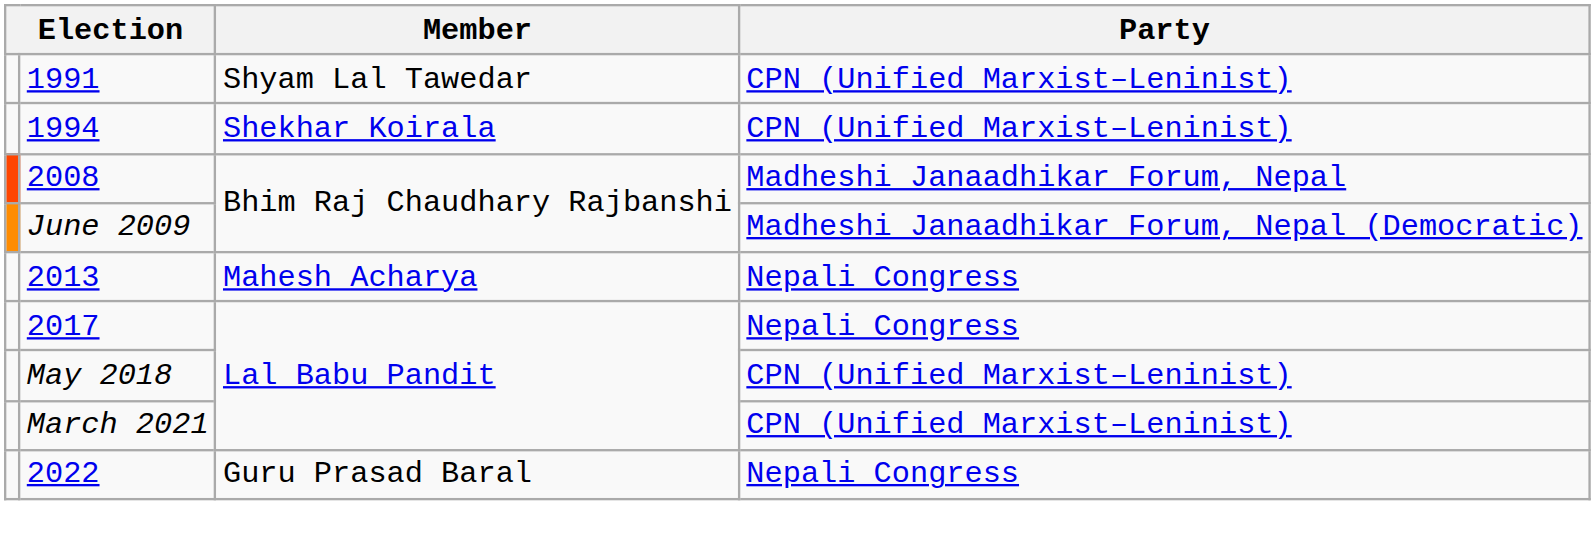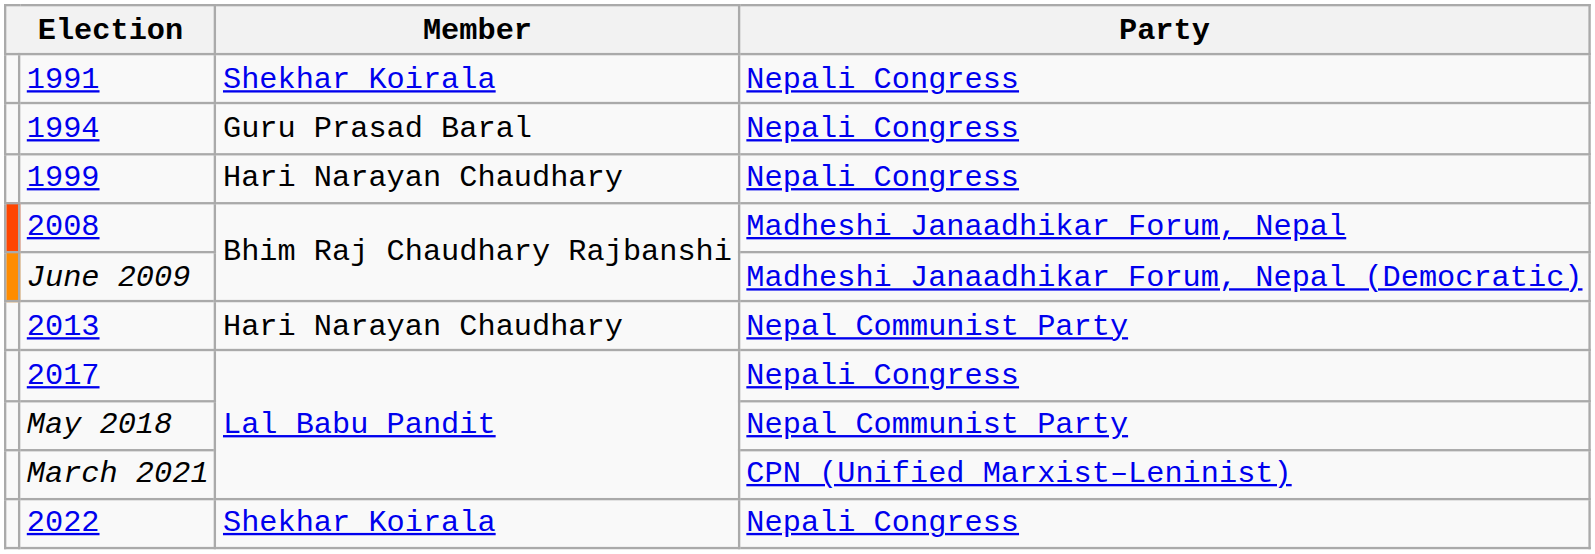 <table class="wikitable">
 <tr>
 <th colspan="2">Election</th>
 <th>Member</th>
 <th>Party</th>
 </tr>
 <tr>
 <td style="background-color:"></td>
 <td><a href='#'>1991</a></td>
-<td>Shyam Lal Tawedar</td>
-<td><a href='#'>CPN (Unified Marxist–Leninist)</a></td>
+<td><a href='#'>Shekhar Koirala</a></td>
+<td><a href='#'>Nepali Congress</a></td>
 </tr>
 <tr>
 <td style="background-color:"></td>
 <td><a href='#'>1994</a></td>
-<td><a href='#'>Shekhar Koirala</a></td>
-<td><a href='#'>CPN (Unified Marxist–Leninist)</a></td>
+<td>Guru Prasad Baral</td>
+<td><a href='#'>Nepali Congress</a></td>
+</tr>
+<tr>
+<td style="background-color:"></td>
+<td><a href='#'>1999</a></td>
+<td>Hari Narayan Chaudhary</td>
+<td><a href='#'>Nepali Congress</a></td>
 </tr>
 <tr>
 <td style="background-color:orangered"></td>
 <td><a href='#'>2008</a></td>
 <td rowspan="2">Bhim Raj Chaudhary Rajbanshi</td>
 <td><a href='#'>Madheshi Janaadhikar Forum, Nepal</a></td>
 </tr>
 <tr>
 <td style="background-color:darkorange"></td>
 <td><em>June 2009</em></td>
 <td><a href='#'>Madheshi Janaadhikar Forum, Nepal (Democratic)</a></td>
 </tr>
 <tr>
 <td style="background-color:"></td>
 <td><a href='#'>2013</a></td>
-<td><a href='#'>Mahesh Acharya</a></td>
-<td><a href='#'>Nepali Congress</a></td>
+<td>Hari Narayan Chaudhary</td>
+<td><a href='#'>Nepal Communist Party</a></td>
 </tr>
 <tr>
 <td style="background-color:"></td>
 <td><a href='#'>2017</a></td>
 <td rowspan="3"><a href='#'>Lal Babu Pandit</a></td>
 <td><a href='#'>Nepali Congress</a></td>
 </tr>
 <tr>
 <td style="background-color:"></td>
 <td><em>May 2018</em></td>
-<td><a href='#'>CPN (Unified Marxist–Leninist)</a></td>
+<td><a href='#'>Nepal Communist Party</a></td>
 </tr>
 <tr>
 <td style="background-color:"></td>
 <td><em>March 2021</em></td>
 <td><a href='#'>CPN (Unified Marxist–Leninist)</a></td>
 </tr>
 <tr>
 <td style="background-color:"></td>
 <td><a href='#'>2022</a></td>
-<td>Guru Prasad Baral</td>
+<td><a href='#'>Shekhar Koirala</a></td>
 <td><a href='#'>Nepali Congress</a></td>
 </tr>
 </table>
